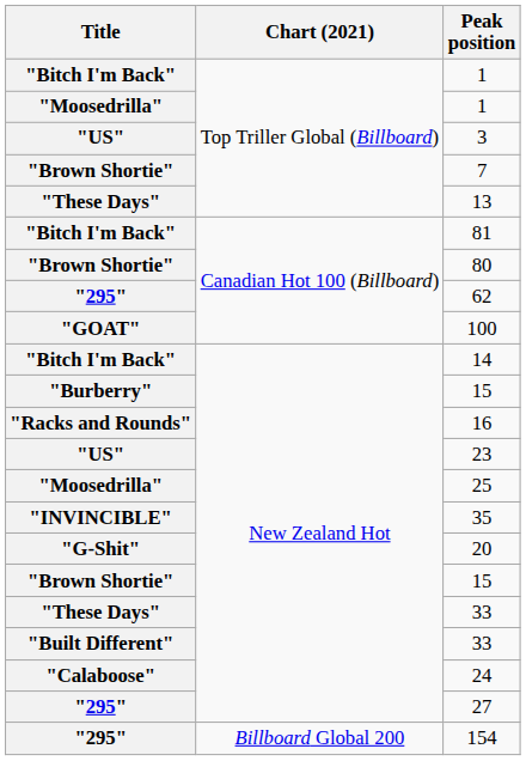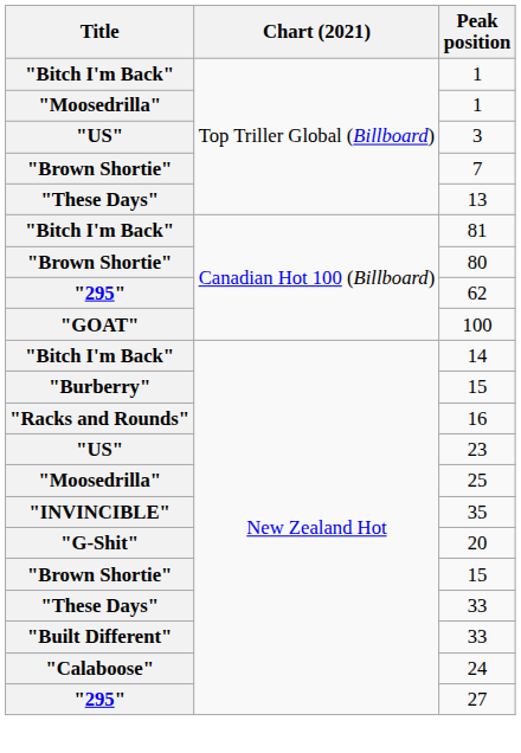 <table class="wikitable sortable plainrowheaders" style="text-align:center">
 <tr>
 <th scope="col">Title</th>
 <th scope="col">Chart (2021)</th>
 <th scope="col">Peak<br>position</th>
 </tr>
 <tr>
 <th scope="row">"Bitch I'm Back"</th>
 <td rowspan="5">Top Triller Global (<em><a href='#'>Billboard</a></em>)</td>
 <td>1</td>
 </tr>
 <tr>
 <th scope="row">"Moosedrilla"</th>
 <td>1</td>
 </tr>
 <tr>
 <th scope="row">"US"</th>
 <td>3</td>
 </tr>
 <tr>
 <th scope="row">"Brown Shortie"</th>
 <td>7</td>
 </tr>
 <tr>
 <th scope="row">"These Days"</th>
 <td>13</td>
 </tr>
 <tr>
 <th scope="row">"Bitch I'm Back"</th>
 <td rowspan="4"><a href='#'>Canadian Hot 100</a> (<em>Billboard</em>)</td>
 <td>81</td>
 </tr>
 <tr>
 <th scope="row">"Brown Shortie"</th>
 <td>80</td>
 </tr>
 <tr>
 <th scope="row">"<a href='#'>295</a>"</th>
 <td>62</td>
 </tr>
 <tr>
 <th scope="row">"GOAT"</th>
 <td>100</td>
 </tr>
 <tr>
 <th scope="row">"Bitch I'm Back"</th>
 <td rowspan="12"><a href='#'>New Zealand Hot</a></td>
 <td>14</td>
 </tr>
 <tr>
 <th scope="row">"Burberry"</th>
 <td>15</td>
 </tr>
 <tr>
 <th scope="row">"Racks and Rounds"</th>
 <td>16</td>
 </tr>
 <tr>
 <th scope="row">"US"</th>
 <td>23</td>
 </tr>
 <tr>
 <th scope="row">"Moosedrilla"</th>
 <td>25</td>
 </tr>
 <tr>
 <th scope="row">"INVINCIBLE"</th>
 <td>35</td>
 </tr>
 <tr>
 <th scope="row">"G-Shit"</th>
 <td>20</td>
 </tr>
 <tr>
 <th scope="row">"Brown Shortie"</th>
 <td>15</td>
 </tr>
 <tr>
 <th scope="row">"These Days"</th>
 <td>33</td>
 </tr>
 <tr>
 <th scope="row">"Built Different"</th>
 <td>33</td>
 </tr>
 <tr>
 <th scope="row">"Calaboose"</th>
 <td>24</td>
 </tr>
 <tr>
 <th scope="row">"<a href='#'>295</a>"</th>
 <td>27</td>
 </tr>
-<tr>
-<th scope="row">"295"</th>
-<td><a href='#'><em>Billboard</em> Global 200</a></td>
-<td>154</td>
-</tr>
 </table>
